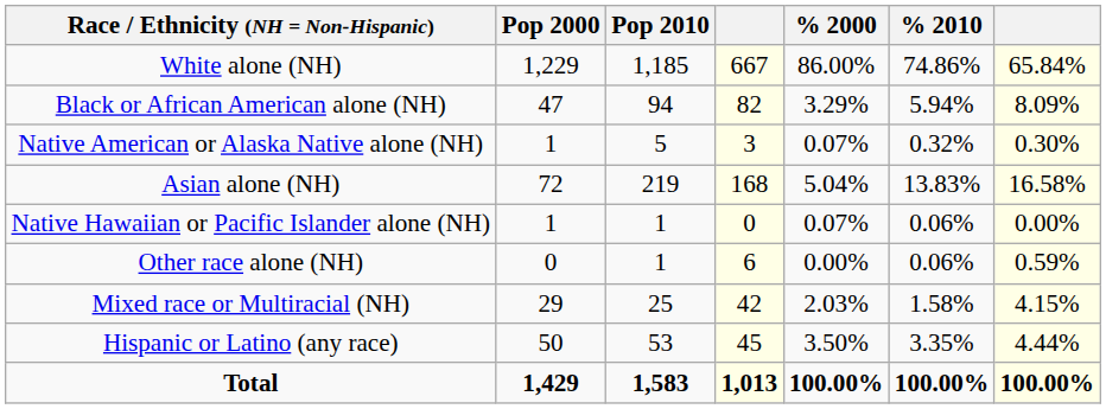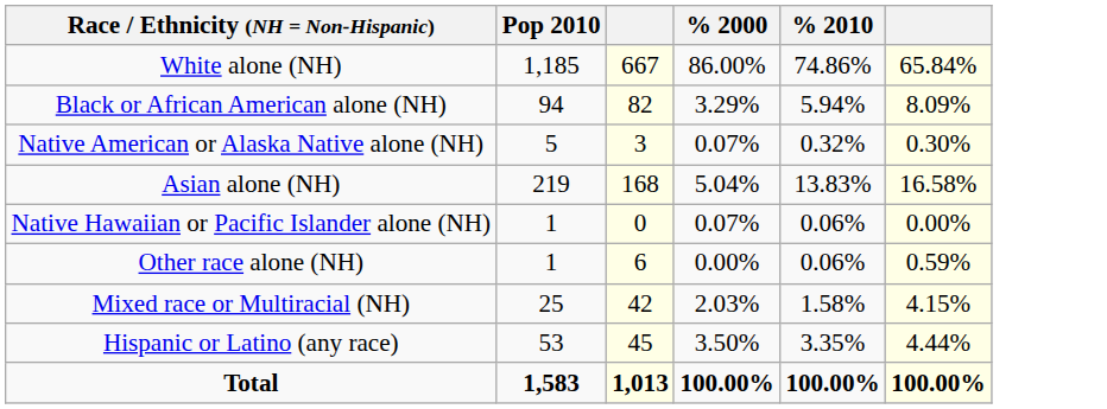 <table class="wikitable" style="text-align:center;">
 <tr>
 <th>Race / Ethnicity <small>(<em>NH = Non-Hispanic</em>)</small></th>
-<th>Pop 2000</th>
 <th>Pop 2010</th>
 <th></th>
 <th>% 2000</th>
 <th>% 2010</th>
 <th></th>
 </tr>
 <tr>
 <td><a href='#'>White</a> alone (NH)</td>
-<td>1,229</td>
 <td>1,185</td>
 <td style='background: #ffffe6;'>667</td>
 <td>86.00%</td>
 <td>74.86%</td>
 <td style='background: #ffffe6;'>65.84%</td>
 </tr>
 <tr>
 <td><a href='#'>Black or African American</a> alone (NH)</td>
-<td>47</td>
 <td>94</td>
 <td style='background: #ffffe6;'>82</td>
 <td>3.29%</td>
 <td>5.94%</td>
 <td style='background: #ffffe6;'>8.09%</td>
 </tr>
 <tr>
 <td><a href='#'>Native American</a> or <a href='#'>Alaska Native</a> alone (NH)</td>
-<td>1</td>
 <td>5</td>
 <td style='background: #ffffe6;'>3</td>
 <td>0.07%</td>
 <td>0.32%</td>
 <td style='background: #ffffe6;'>0.30%</td>
 </tr>
 <tr>
 <td><a href='#'>Asian</a> alone (NH)</td>
-<td>72</td>
 <td>219</td>
 <td style='background: #ffffe6;'>168</td>
 <td>5.04%</td>
 <td>13.83%</td>
 <td style='background: #ffffe6;'>16.58%</td>
 </tr>
 <tr>
 <td><a href='#'>Native Hawaiian</a> or <a href='#'>Pacific Islander</a> alone (NH)</td>
 <td>1</td>
-<td>1</td>
 <td style='background: #ffffe6;'>0</td>
 <td>0.07%</td>
 <td>0.06%</td>
 <td style='background: #ffffe6;'>0.00%</td>
 </tr>
 <tr>
 <td><a href='#'>Other race</a> alone (NH)</td>
-<td>0</td>
 <td>1</td>
 <td style='background: #ffffe6;'>6</td>
 <td>0.00%</td>
 <td>0.06%</td>
 <td style='background: #ffffe6;'>0.59%</td>
 </tr>
 <tr>
 <td><a href='#'>Mixed race or Multiracial</a> (NH)</td>
-<td>29</td>
 <td>25</td>
 <td style='background: #ffffe6;'>42</td>
 <td>2.03%</td>
 <td>1.58%</td>
 <td style='background: #ffffe6;'>4.15%</td>
 </tr>
 <tr>
 <td><a href='#'>Hispanic or Latino</a> (any race)</td>
-<td>50</td>
 <td>53</td>
 <td style='background: #ffffe6;'>45</td>
 <td>3.50%</td>
 <td>3.35%</td>
 <td style='background: #ffffe6;'>4.44%</td>
 </tr>
 <tr>
 <td><strong>Total</strong></td>
-<td><strong>1,429</strong></td>
 <td><strong>1,583</strong></td>
 <td style='background: #ffffe6;'><strong>1,013</strong></td>
 <td><strong>100.00%</strong></td>
 <td><strong>100.00%</strong></td>
 <td style='background: #ffffe6;'><strong>100.00%</strong></td>
 </tr>
 </table>
